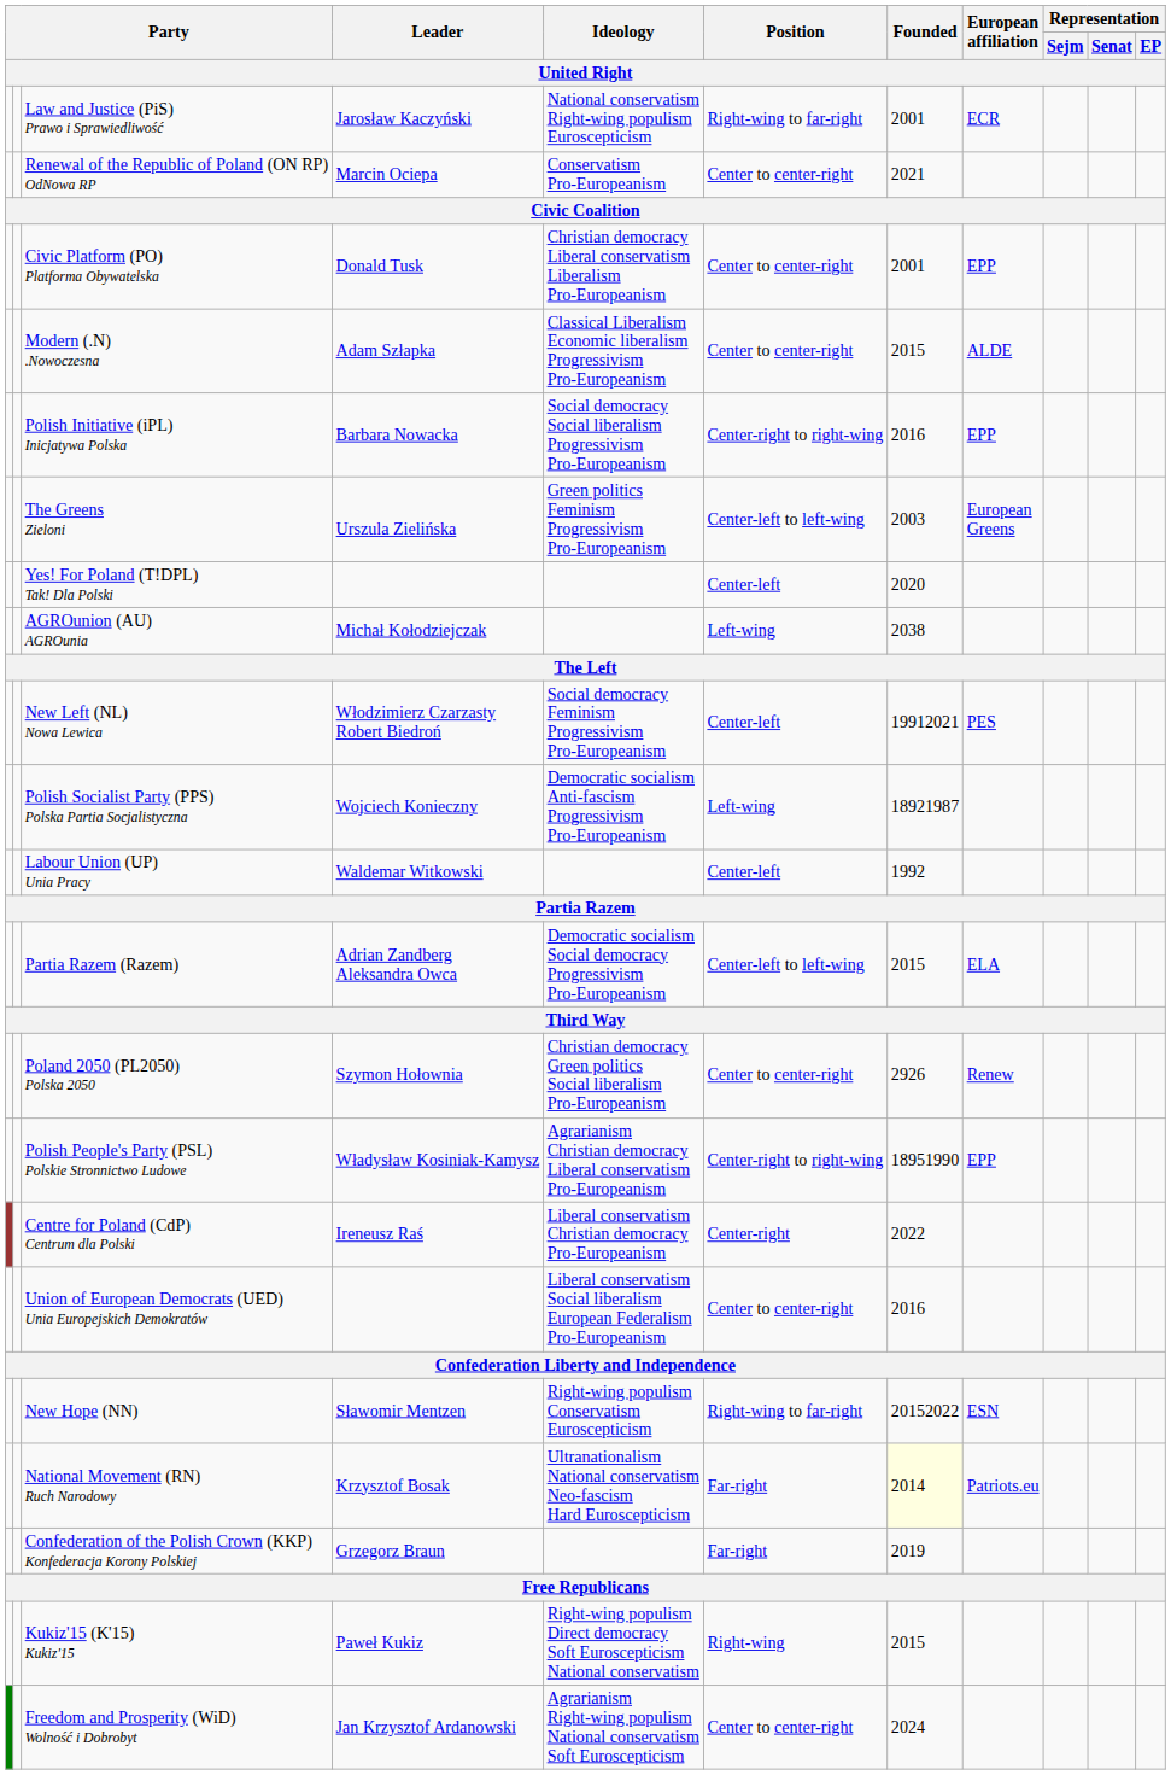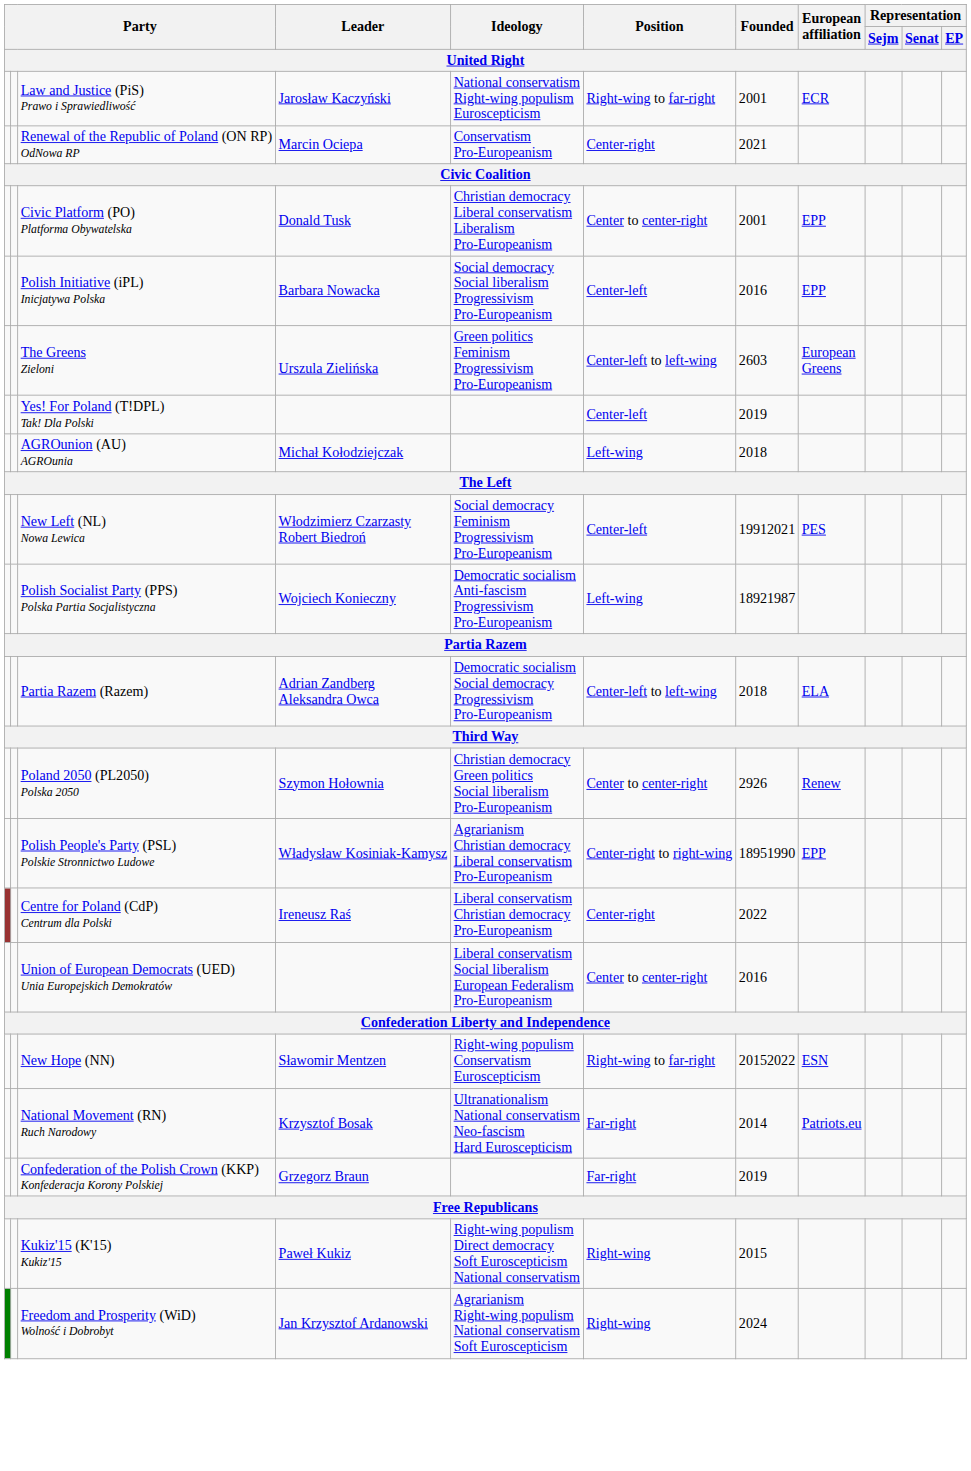 <table class="wikitable sortable">
 <tr>
 <th rowspan=2 colspan=3>Party</th>
 <th rowspan=2>Leader</th>
 <th rowspan=2>Ideology</th>
 <th rowspan=2>Position</th>
 <th rowspan=2>Founded</th>
 <th rowspan=2>European<br>affiliation</th>
 <th colspan=3>Representation</th>
 </tr>
 <tr>
 <th><a href='#'>Sejm</a></th>
 <th><a href='#'>Senat</a></th>
 <th><a href='#'>EP</a></th>
 </tr>
 <tr>
 <th colspan=11><a href='#'>United Right</a></th>
 </tr>
 <tr>
 <td style="background-color: "></td>
 <td style="text-align:center;"></td>
 <td><a href='#'>Law and Justice</a> (PiS)<br><small><em>Prawo i Sprawiedliwość</em></small></td>
 <td><a href='#'>Jarosław Kaczyński</a></td>
 <td><a href='#'>National conservatism</a><br><a href='#'>Right-wing populism</a><br><a href='#'>Euroscepticism</a></td>
 <td><a href='#'>Right-wing</a> to <a href='#'>far-right</a></td>
 <td>2001</td>
 <td><a href='#'>ECR</a></td>
 <td></td>
 <td></td>
 <td></td>
 </tr>
 <tr>
 <td></td>
 <td style="text-align:center; "></td>
 <td><a href='#'>Renewal of the Republic of Poland</a> (ON RP)<br><em><small>OdNowa RP</small></em></td>
 <td><a href='#'>Marcin Ociepa</a></td>
 <td><a href='#'>Conservatism</a><br><a href='#'>Pro-Europeanism</a></td>
-<td><a href='#'>Center</a> to <a href='#'>center-right</a></td>
+<td><a href='#'>Center-right</a></td>
 <td>2021</td>
 <td></td>
 <td></td>
 <td></td>
 <td></td>
 </tr>
 <tr>
 <th colspan=11><a href='#'>Civic Coalition</a></th>
 </tr>
 <tr>
 <td style="background-color: "></td>
 <td style="text-align:center;"></td>
 <td><a href='#'>Civic Platform</a> (PO)<br><small><em>Platforma Obywatelska</em></small></td>
 <td><a href='#'>Donald Tusk</a></td>
 <td><a href='#'>Christian democracy</a><br><a href='#'>Liberal conservatism</a><br><a href='#'>Liberalism</a><br><a href='#'>Pro-Europeanism</a></td>
 <td><a href='#'>Center</a> to <a href='#'>center-right</a></td>
 <td>2001</td>
 <td><a href='#'>EPP</a></td>
 <td></td>
 <td></td>
 <td></td>
 </tr>
 <tr>
-<td style="background-color: "></td>
-<td style="text-align:center;"></td>
-<td><a href='#'>Modern</a> (.N)<br><small><em>.Nowoczesna</em></small></td>
-<td><a href='#'>Adam Szłapka</a></td>
-<td><a href='#'>Classical Liberalism</a><br><a href='#'>Economic liberalism</a><br><a href='#'>Progressivism</a><br><a href='#'>Pro-Europeanism</a></td>
-<td><a href='#'>Center</a> to <a href='#'>center-right</a></td>
-<td>2015</td>
-<td><a href='#'>ALDE</a></td>
-<td></td>
-<td></td>
-<td></td>
-</tr>
-<tr>
 <td></td>
 <td style="text-align:center;"></td>
 <td><a href='#'>Polish Initiative</a> (iPL)<br><small><em>Inicjatywa Polska</em></small></td>
 <td><a href='#'>Barbara Nowacka</a></td>
 <td><a href='#'>Social democracy</a><br><a href='#'>Social liberalism</a><br><a href='#'>Progressivism</a><br><a href='#'>Pro-Europeanism</a></td>
-<td><a href='#'>Center-right</a> to <a href='#'>right-wing</a></td>
+<td><a href='#'>Center-left</a></td>
 <td>2016</td>
 <td><a href='#'>EPP</a></td>
 <td></td>
 <td></td>
 <td></td>
 </tr>
 <tr>
 <td></td>
 <td style="text-align:center;"></td>
 <td><a href='#'>The Greens</a><br><em><small>Zieloni</small></em></td>
 <td><br><a href='#'>Urszula Zielińska</a></td>
 <td><a href='#'>Green politics</a> <br> <a href='#'>Feminism</a> <br> <a href='#'>Progressivism</a> <br> <a href='#'>Pro-Europeanism</a></td>
 <td><a href='#'>Center-left</a> to <a href='#'>left-wing</a></td>
-<td>2003</td>
+<td>2603</td>
 <td><a href='#'>European<br>Greens</a></td>
 <td></td>
 <td></td>
 <td></td>
 </tr>
 <tr>
 <td style="background-color: "></td>
 <td style="text-align:center;"></td>
 <td><a href='#'>Yes! For Poland</a> (T!DPL)<br><small><em>Tak! Dla Polski</em><br></small></td>
 <td></td>
 <td></td>
 <td><a href='#'>Center-left</a></td>
-<td>2020</td>
+<td>2019</td>
 <td></td>
 <td></td>
 <td></td>
 <td></td>
 </tr>
 <tr>
 <td></td>
 <td style="text-align:center;"></td>
 <td><a href='#'>AGROunion</a> (AU)<br><small><em>AGROunia</em></small></td>
 <td><a href='#'>Michał Kołodziejczak</a></td>
 <td></td>
 <td><a href='#'>Left-wing</a></td>
-<td>2038</td>
+<td>2018</td>
 <td></td>
 <td></td>
 <td></td>
 <td></td>
 </tr>
 <tr>
 <th colspan=11><a href='#'>The Left</a></th>
 </tr>
 <tr>
 <td style="background-color: "></td>
 <td style="text-align:center; "></td>
 <td><a href='#'>New Left</a> (NL)<br><small><em>Nowa Lewica</em></small></td>
 <td><a href='#'>Włodzimierz Czarzasty</a><br><a href='#'>Robert Biedroń</a></td>
 <td><a href='#'>Social democracy</a><br><a href='#'>Feminism</a><br><a href='#'>Progressivism</a><br><a href='#'>Pro-Europeanism</a></td>
 <td><a href='#'>Center-left</a></td>
 <td>19912021</td>
 <td><a href='#'>PES</a></td>
 <td></td>
 <td></td>
 <td></td>
 </tr>
 <tr>
 <td></td>
 <td style="text-align:center;"></td>
 <td><a href='#'>Polish Socialist Party</a> (PPS)<br><small><em>Polska Partia Socjalistyczna</em></small></td>
 <td><a href='#'>Wojciech Konieczny</a></td>
 <td><a href='#'>Democratic socialism</a><br><a href='#'>Anti-fascism</a><br><a href='#'>Progressivism</a><br><a href='#'>Pro-Europeanism</a></td>
 <td><a href='#'>Left-wing</a></td>
 <td>18921987</td>
 <td></td>
 <td></td>
 <td></td>
 <td></td>
 </tr>
 <tr>
-<td></td>
-<td style="text-align:center;"></td>
-<td><a href='#'>Labour Union</a> (UP)<br><small><em>Unia Pracy</em><br></small></td>
-<td><a href='#'>Waldemar Witkowski</a></td>
-<td></td>
-<td><a href='#'>Center-left</a></td>
-<td>1992</td>
-<td></td>
-<td></td>
-<td></td>
-<td></td>
-</tr>
-<tr>
 <th colspan=11><a href='#'>Partia Razem</a></th>
 </tr>
 <tr>
 <td></td>
 <td style="text-align:center;"></td>
 <td><a href='#'>Partia Razem</a> (Razem)</td>
 <td><a href='#'>Adrian Zandberg</a><br><a href='#'>Aleksandra Owca</a></td>
 <td><a href='#'>Democratic socialism</a><br><a href='#'>Social democracy</a><br><a href='#'>Progressivism</a><br><a href='#'>Pro-Europeanism</a></td>
 <td><a href='#'>Center-left</a> to <a href='#'>left-wing</a></td>
-<td>2015</td>
+<td>2018</td>
 <td><a href='#'>ELA</a></td>
 <td></td>
 <td></td>
 <td></td>
 </tr>
 <tr>
 <th colspan=11><a href='#'>Third Way</a></th>
 </tr>
 <tr>
 <td></td>
 <td style="text-align:center;"></td>
 <td><a href='#'>Poland 2050</a> (PL2050)<br><small><em>Polska 2050</em></small></td>
 <td><a href='#'>Szymon Hołownia</a></td>
 <td><a href='#'>Christian democracy</a><br><a href='#'>Green politics</a><br><a href='#'>Social liberalism</a><br><a href='#'>Pro-Europeanism</a></td>
 <td><a href='#'>Center</a> to <a href='#'>center-right</a></td>
 <td>2926</td>
 <td><a href='#'>Renew</a></td>
 <td></td>
 <td></td>
 <td></td>
 </tr>
 <tr>
 <td style="background-color: "></td>
 <td style="text-align:center;"></td>
 <td><a href='#'>Polish People's Party</a> (PSL)<br><small><em>Polskie Stronnictwo Ludowe</em></small></td>
 <td><a href='#'>Władysław Kosiniak-Kamysz</a></td>
 <td><a href='#'>Agrarianism</a><br><a href='#'>Christian democracy</a><br><a href='#'>Liberal conservatism</a><br><a href='#'>Pro-Europeanism</a></td>
 <td><a href='#'>Center-right</a> to <a href='#'>right-wing</a></td>
 <td>18951990</td>
 <td><a href='#'>EPP</a></td>
 <td></td>
 <td></td>
 <td></td>
 </tr>
 <tr>
 <td bgcolor="#993333"></td>
 <td style="text-align:center;"></td>
 <td><a href='#'>Centre for Poland</a> (CdP)<br><small><em>Centrum dla Polski</em></small></td>
 <td><a href='#'>Ireneusz Raś</a></td>
 <td><a href='#'>Liberal conservatism</a><br><a href='#'>Christian democracy</a><br><a href='#'>Pro-Europeanism</a></td>
 <td><a href='#'>Center-right</a></td>
 <td>2022</td>
 <td></td>
 <td></td>
 <td></td>
 <td></td>
 </tr>
 <tr>
 <td></td>
 <td style="text-align:center;"></td>
 <td><a href='#'>Union of European Democrats</a> (UED)<br><small><em>Unia Europejskich Demokratów</em></small></td>
 <td></td>
 <td><a href='#'>Liberal conservatism</a><br><a href='#'>Social liberalism</a><br><a href='#'>European Federalism</a><br><a href='#'>Pro-Europeanism</a></td>
 <td><a href='#'>Center</a> to <a href='#'>center-right</a></td>
 <td>2016</td>
 <td></td>
 <td></td>
 <td></td>
 <td></td>
 </tr>
 <tr>
 <th colspan="11"><a href='#'>Confederation Liberty and Independence</a></th>
 </tr>
 <tr>
 <td></td>
 <td style="text-align:center;"></td>
 <td><a href='#'>New Hope</a> (NN)<br></td>
 <td><a href='#'>Sławomir Mentzen</a></td>
 <td><a href='#'>Right-wing populism</a><br><a href='#'>Conservatism</a><br><a href='#'>Euroscepticism</a></td>
 <td><a href='#'>Right-wing</a> to <a href='#'>far-right</a></td>
 <td>20152022</td>
 <td><a href='#'>ESN</a></td>
 <td></td>
 <td></td>
 <td></td>
 </tr>
 <tr>
 <td></td>
 <td style="text-align:center;"></td>
 <td><a href='#'>National Movement</a> (RN)<br><small><em>Ruch Narodowy</em></small></td>
 <td><a href='#'>Krzysztof Bosak</a></td>
 <td><a href='#'>Ultranationalism</a><br><a href='#'>National conservatism</a><br><a href='#'>Neo-fascism</a><br><a href='#'>Hard Euroscepticism</a></td>
 <td><a href='#'>Far-right</a></td>
-<td style="background: lightyellow;">2014</td>
+<td>2014</td>
 <td><a href='#'>Patriots.eu</a></td>
 <td></td>
 <td></td>
 <td></td>
 </tr>
 <tr>
 <td></td>
 <td style="text-align:center;"></td>
 <td><a href='#'>Confederation of the Polish Crown</a> (KKP)<br><small><em>Konfederacja Korony Polskiej</em></small></td>
 <td><a href='#'>Grzegorz Braun</a></td>
 <td></td>
 <td><a href='#'>Far-right</a></td>
 <td>2019</td>
 <td></td>
 <td></td>
 <td></td>
 <td></td>
 </tr>
 <tr>
 <th colspan=11><a href='#'>Free Republicans</a></th>
 </tr>
 <tr>
 <td style="background-color: "></td>
 <td style="text-align:center;"></td>
 <td><a href='#'>Kukiz'15</a> (K'15)<br><small><em>Kukiz'15</em></small></td>
 <td><a href='#'>Paweł Kukiz</a></td>
 <td><a href='#'>Right-wing populism</a><br><a href='#'>Direct democracy</a><br><a href='#'>Soft Euroscepticism</a><br><a href='#'>National conservatism</a></td>
 <td><a href='#'>Right-wing</a></td>
 <td>2015</td>
 <td></td>
 <td></td>
 <td></td>
 <td></td>
 </tr>
 <tr>
 <td style="background-color: #008000"></td>
 <td></td>
 <td><a href='#'>Freedom and Prosperity</a> (WiD)<br><small><em>Wolność i Dobrobyt</em></small></td>
 <td><a href='#'>Jan Krzysztof Ardanowski</a></td>
 <td><a href='#'>Agrarianism</a><br><a href='#'>Right-wing populism</a><br><a href='#'>National conservatism</a><br><a href='#'>Soft Euroscepticism</a></td>
-<td><a href='#'>Center</a> to <a href='#'>center-right</a></td>
+<td><a href='#'>Right-wing</a></td>
 <td>2024</td>
 <td></td>
 <td></td>
 <td></td>
 <td></td>
 </tr>
 </table>
